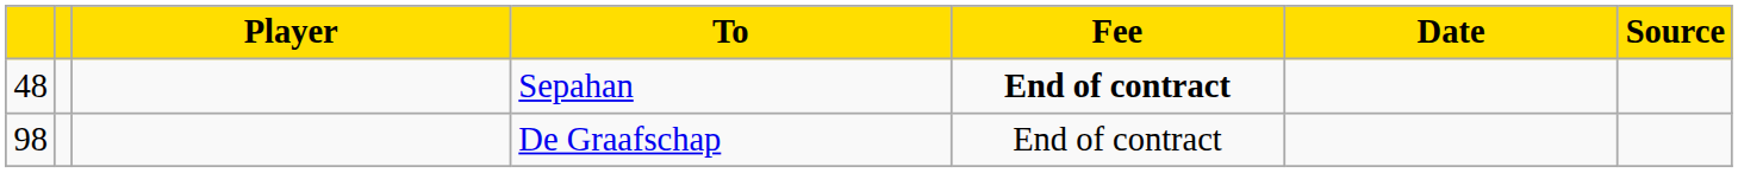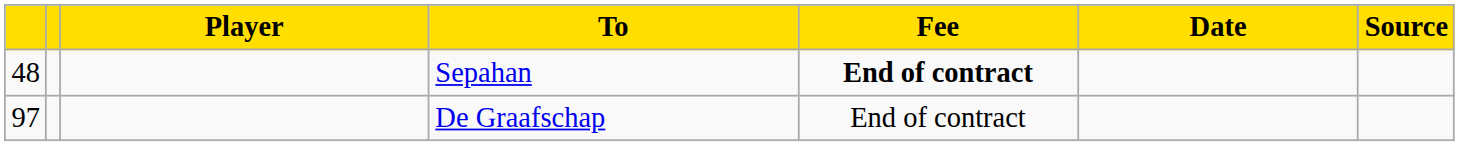 <table class="wikitable sortable">
 <tr>
 <th style="background:#FFDE00"></th>
 <th style="background:#FFDE00"></th>
 <th width=200 style="background:#FFDE00">Player</th>
 <th width=200 style="background:#FFDE00">To</th>
 <th width=150 style="background:#FFDE00">Fee</th>
 <th width=150 style="background:#FFDE00">Date</th>
 <th style="background:#FFDE00">Source</th>
 </tr>
 <tr>
 <td align=center>48</td>
 <td align=center></td>
 <td></td>
 <td> <a href='#'>Sepahan</a></td>
 <td align=center><strong>End of contract</strong></td>
 <td align=center></td>
 <td align=center></td>
 </tr>
 <tr>
-<td align=center>98</td>
+<td align=center>97</td>
 <td align=center></td>
 <td></td>
 <td> <a href='#'>De Graafschap</a></td>
 <td align=center>End of contract</td>
 <td align=center></td>
 <td align=center></td>
 </tr>
 </table>
